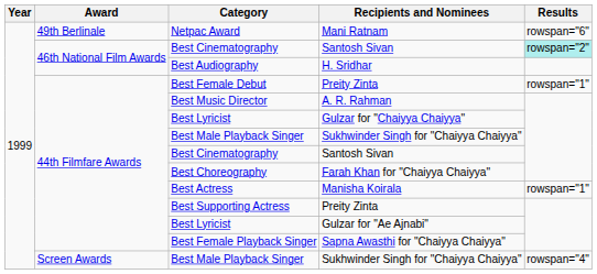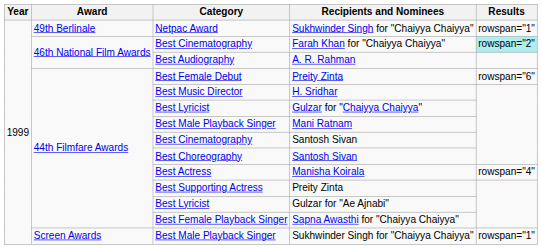 <table class="wikitable plainrowheaders sortable">
 <tr>
 <th>Year</th>
 <th>Award</th>
 <th>Category</th>
 <th>Recipients and Nominees</th>
 <th>Results</th>
 </tr>
 <tr>
 <td rowspan="14">1999</td>
 <td rowspan="1"><a href='#'>49th Berlinale</a></td>
 <td><a href='#'>Netpac Award</a></td>
-<td><a href='#'>Mani Ratnam</a></td>
-<td>rowspan="6" </td>
+<td><a href='#'>Sukhwinder Singh</a> for "Chaiyya Chaiyya"</td>
+<td>rowspan="1" </td>
 </tr>
 <tr>
 <td rowspan="2"><a href='#'>46th National Film Awards</a></td>
 <td><a href='#'>Best Cinematography</a></td>
-<td><a href='#'>Santosh Sivan</a></td>
+<td><a href='#'>Farah Khan</a> for "Chaiyya Chaiyya"</td>
 <td style="background: paleturquoise;">rowspan="2" </td>
 </tr>
 <tr>
 <td><a href='#'>Best Audiography</a></td>
-<td><a href='#'>H. Sridhar</a></td>
+<td><a href='#'>A. R. Rahman</a></td>
 </tr>
 <tr>
 <td rowspan="10"><a href='#'>44th Filmfare Awards</a></td>
 <td><a href='#'>Best Female Debut</a></td>
 <td><a href='#'>Preity Zinta</a></td>
-<td>rowspan="1" </td>
+<td>rowspan="6" </td>
 </tr>
 <tr>
 <td><a href='#'>Best Music Director</a></td>
-<td><a href='#'>A. R. Rahman</a></td>
+<td><a href='#'>H. Sridhar</a></td>
 </tr>
 <tr>
 <td><a href='#'>Best Lyricist</a></td>
 <td><a href='#'>Gulzar</a> for "<a href='#'>Chaiyya Chaiyya</a>"</td>
 </tr>
 <tr>
 <td><a href='#'>Best Male Playback Singer</a></td>
-<td><a href='#'>Sukhwinder Singh</a> for "Chaiyya Chaiyya"</td>
+<td><a href='#'>Mani Ratnam</a></td>
 </tr>
 <tr>
 <td><a href='#'>Best Cinematography</a></td>
 <td>Santosh Sivan</td>
 </tr>
 <tr>
 <td><a href='#'>Best Choreography</a></td>
-<td><a href='#'>Farah Khan</a> for "Chaiyya Chaiyya"</td>
+<td><a href='#'>Santosh Sivan</a></td>
 </tr>
 <tr>
 <td><a href='#'>Best Actress</a></td>
 <td><a href='#'>Manisha Koirala</a></td>
-<td>rowspan="1" </td>
+<td>rowspan="4" </td>
 </tr>
 <tr>
 <td><a href='#'>Best Supporting Actress</a></td>
 <td>Preity Zinta</td>
 </tr>
 <tr>
 <td><a href='#'>Best Lyricist</a></td>
 <td>Gulzar for "Ae Ajnabi"</td>
 </tr>
 <tr>
 <td><a href='#'>Best Female Playback Singer</a></td>
 <td><a href='#'>Sapna Awasthi</a> for "Chaiyya Chaiyya"</td>
 </tr>
 <tr>
 <td rowspan="1"><a href='#'>Screen Awards</a></td>
 <td><a href='#'>Best Male Playback Singer</a></td>
 <td>Sukhwinder Singh for "Chaiyya Chaiyya"</td>
-<td>rowspan="4" </td>
+<td>rowspan="1" </td>
 </tr>
 </table>
